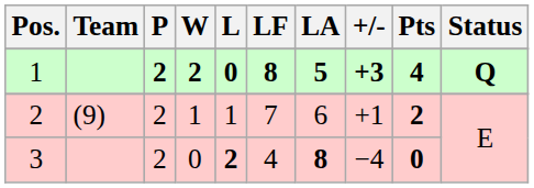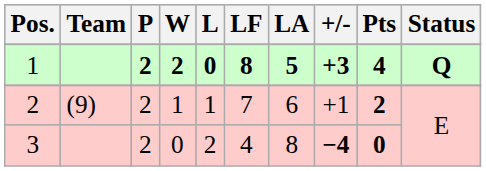 <table class="wikitable" style="text-align:center; margin: 1em auto 1em auto, align:left">
 <tr>
 <th>Pos.</th>
 <th>Team</th>
 <th>P</th>
 <th>W</th>
 <th>L</th>
 <th>LF</th>
 <th>LA</th>
 <th>+/-</th>
 <th>Pts</th>
 <th>Status</th>
 </tr>
 <tr>
 </tr>
 <tr style="background-color:#ccffcc">
 <td>1</td>
 <td style="text-align:left;"></td>
 <td><strong>2</strong></td>
 <td><strong>2</strong></td>
 <td><strong>0</strong></td>
 <td><strong>8</strong></td>
 <td><strong>5</strong></td>
 <td><strong>+3</strong></td>
 <td><strong>4</strong></td>
 <td><strong>Q</strong></td>
 </tr>
 <tr>
 </tr>
 <tr style="background-color:#FFCCCC">
 <td>2</td>
 <td style="text-align:left;"> (9)</td>
 <td>2</td>
 <td>1</td>
 <td>1</td>
 <td>7</td>
 <td>6</td>
 <td>+1</td>
 <td><strong>2</strong></td>
 <td rowspan=2>E</td>
 </tr>
 <tr style="background-color:#FFCCCC">
 <td>3</td>
 <td style="text-align:left;"></td>
 <td>2</td>
 <td>0</td>
-<td><strong>2</strong></td>
+<td>2</td>
 <td>4</td>
-<td><strong>8</strong></td>
-<td>−4</td>
+<td>8</td>
+<td><strong>−4</strong></td>
 <td><strong>0</strong></td>
 </tr>
 </table>
